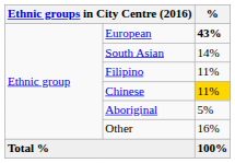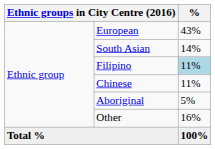 <table class="wikitable">
 <tr>
 <th colspan=2><a href='#'>Ethnic groups</a> in City Centre (2016)<br></th>
 <th>%</th>
 </tr>
 <tr>
 <td rowspan=6><a href='#'>Ethnic group</a></td>
 <td><a href='#'>European</a></td>
-<td><strong>43%</strong></td>
+<td>43%</td>
 </tr>
 <tr>
 <td><a href='#'>South Asian</a></td>
 <td>14%</td>
 </tr>
 <tr>
 <td><a href='#'>Filipino</a></td>
-<td>11%</td>
+<td style="background: lightblue;">11%</td>
 </tr>
 <tr>
 <td><a href='#'>Chinese</a></td>
-<td style="background: gold;">11%</td>
+<td>11%</td>
 </tr>
 <tr>
 <td><a href='#'>Aboriginal</a></td>
 <td>5%</td>
 </tr>
 <tr>
 <td>Other</td>
 <td>16%</td>
 </tr>
 <tr style="background:#efefef; font-weight:bold">
 <td colspan=2>Total %</td>
 <td>100%</td>
 </tr>
 </table>
